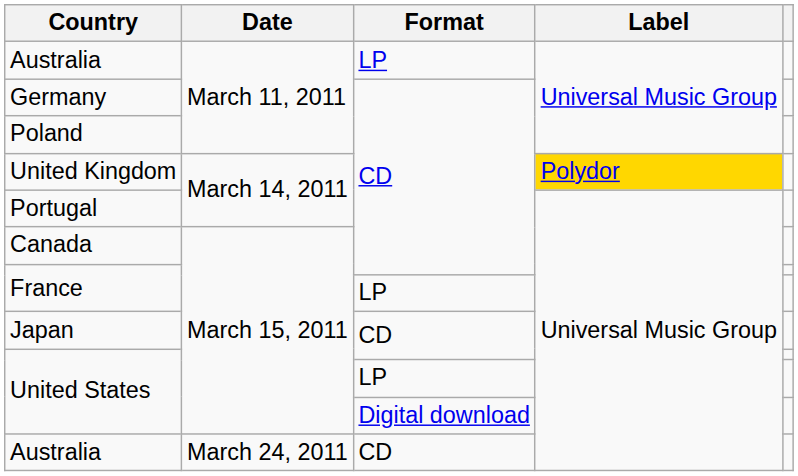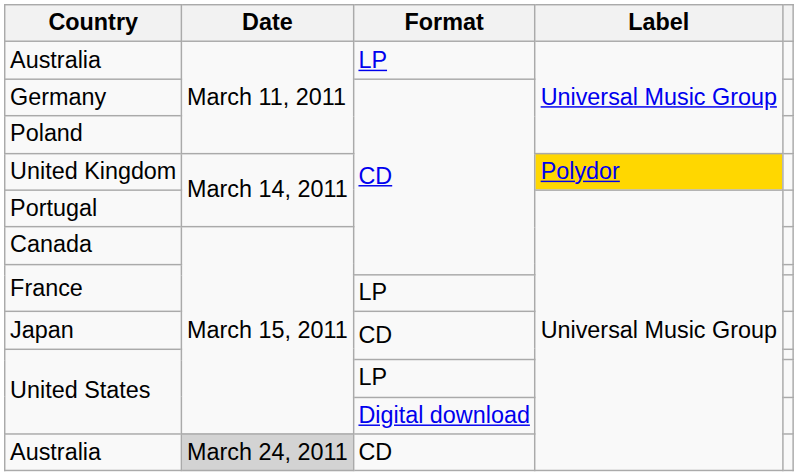 <table class="wikitable">
 <tr>
 <th>Country</th>
 <th>Date</th>
 <th>Format</th>
 <th>Label</th>
 <th></th>
 </tr>
 <tr>
 <td>Australia</td>
 <td rowspan="3">March 11, 2011</td>
 <td><a href='#'>LP</a></td>
 <td rowspan="3"><a href='#'>Universal Music Group</a></td>
 <td></td>
 </tr>
 <tr>
 <td>Germany</td>
 <td rowspan="6"><a href='#'>CD</a></td>
 <td></td>
 </tr>
 <tr>
 <td>Poland</td>
 <td></td>
 </tr>
 <tr>
 <td>United Kingdom</td>
 <td rowspan="2">March 14, 2011</td>
 <td style="background: gold;"><a href='#'>Polydor</a></td>
 <td></td>
 </tr>
 <tr>
 <td>Portugal</td>
 <td rowspan="9">Universal Music Group</td>
 <td></td>
 </tr>
 <tr>
 <td>Canada</td>
 <td rowspan="7">March 15, 2011</td>
 <td></td>
 </tr>
 <tr>
 <td rowspan="2">France</td>
 <td></td>
 </tr>
 <tr>
 <td>LP</td>
 <td></td>
 </tr>
 <tr>
 <td>Japan</td>
 <td rowspan="2">CD</td>
 <td></td>
 </tr>
 <tr>
 <td rowspan="3">United States</td>
 <td></td>
 </tr>
 <tr>
 <td>LP</td>
 <td></td>
 </tr>
 <tr>
 <td><a href='#'>Digital download</a></td>
 <td></td>
 </tr>
 <tr>
 <td>Australia</td>
-<td>March 24, 2011</td>
+<td style="background: lightgrey;">March 24, 2011</td>
 <td>CD</td>
 <td></td>
 </tr>
 </table>
